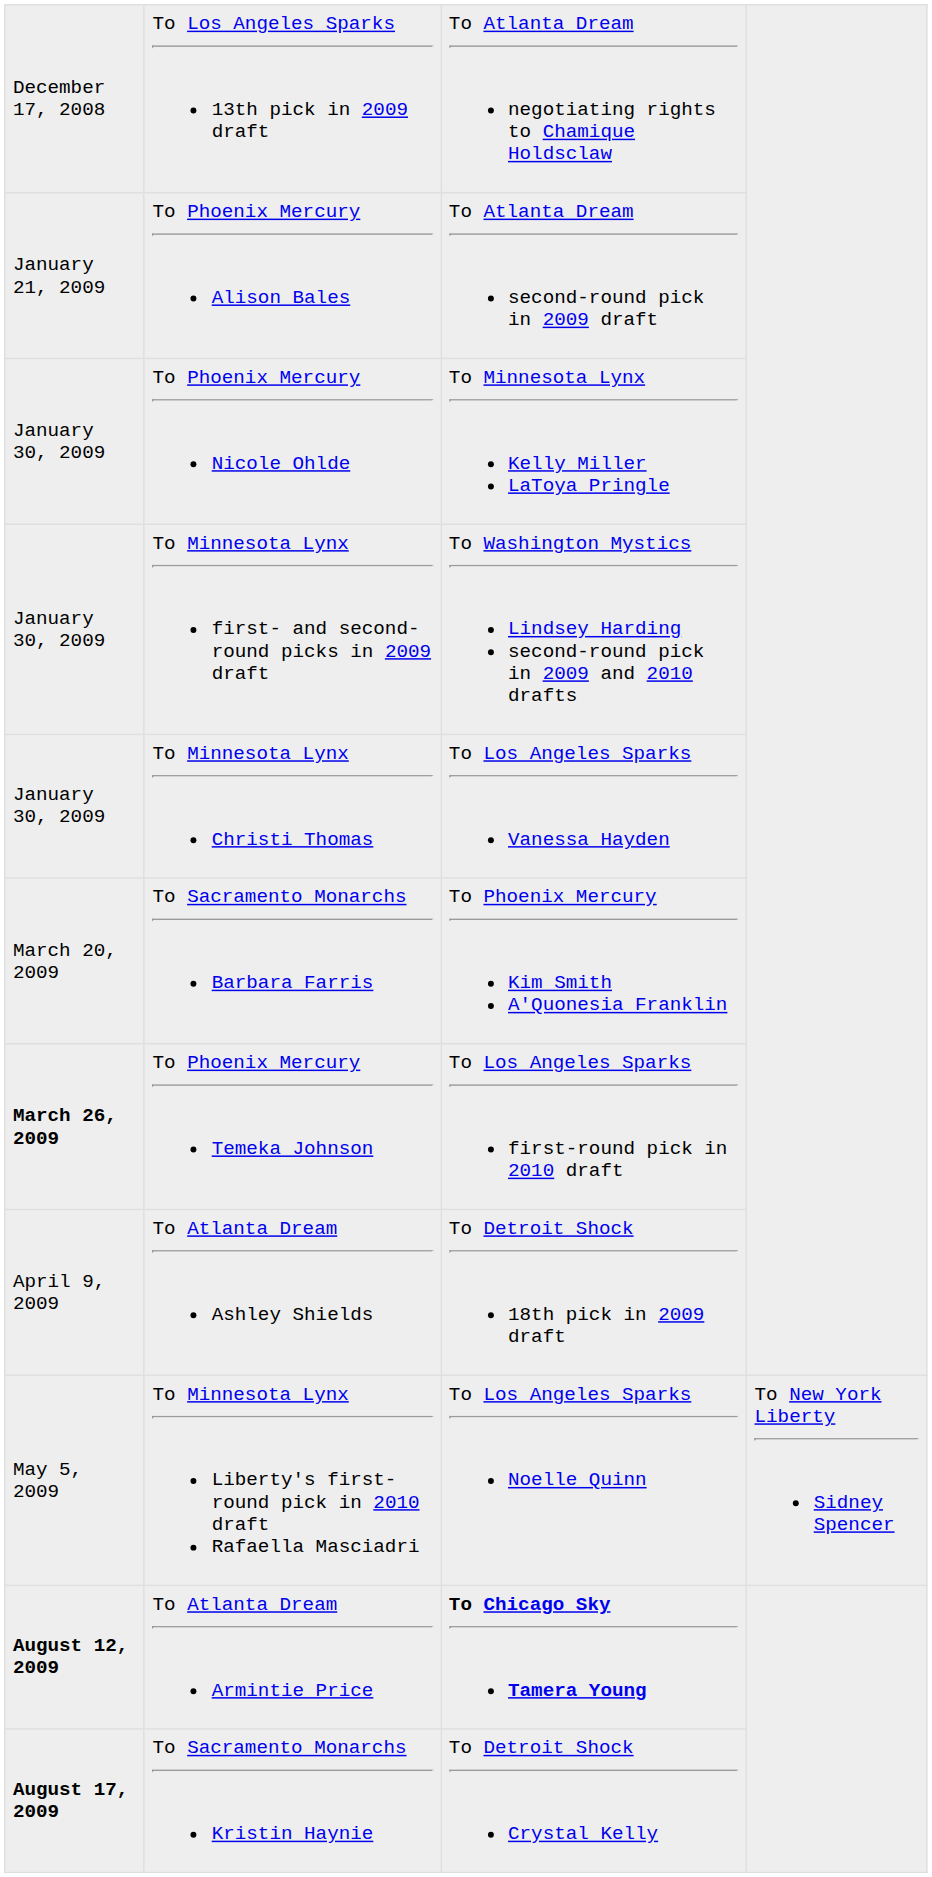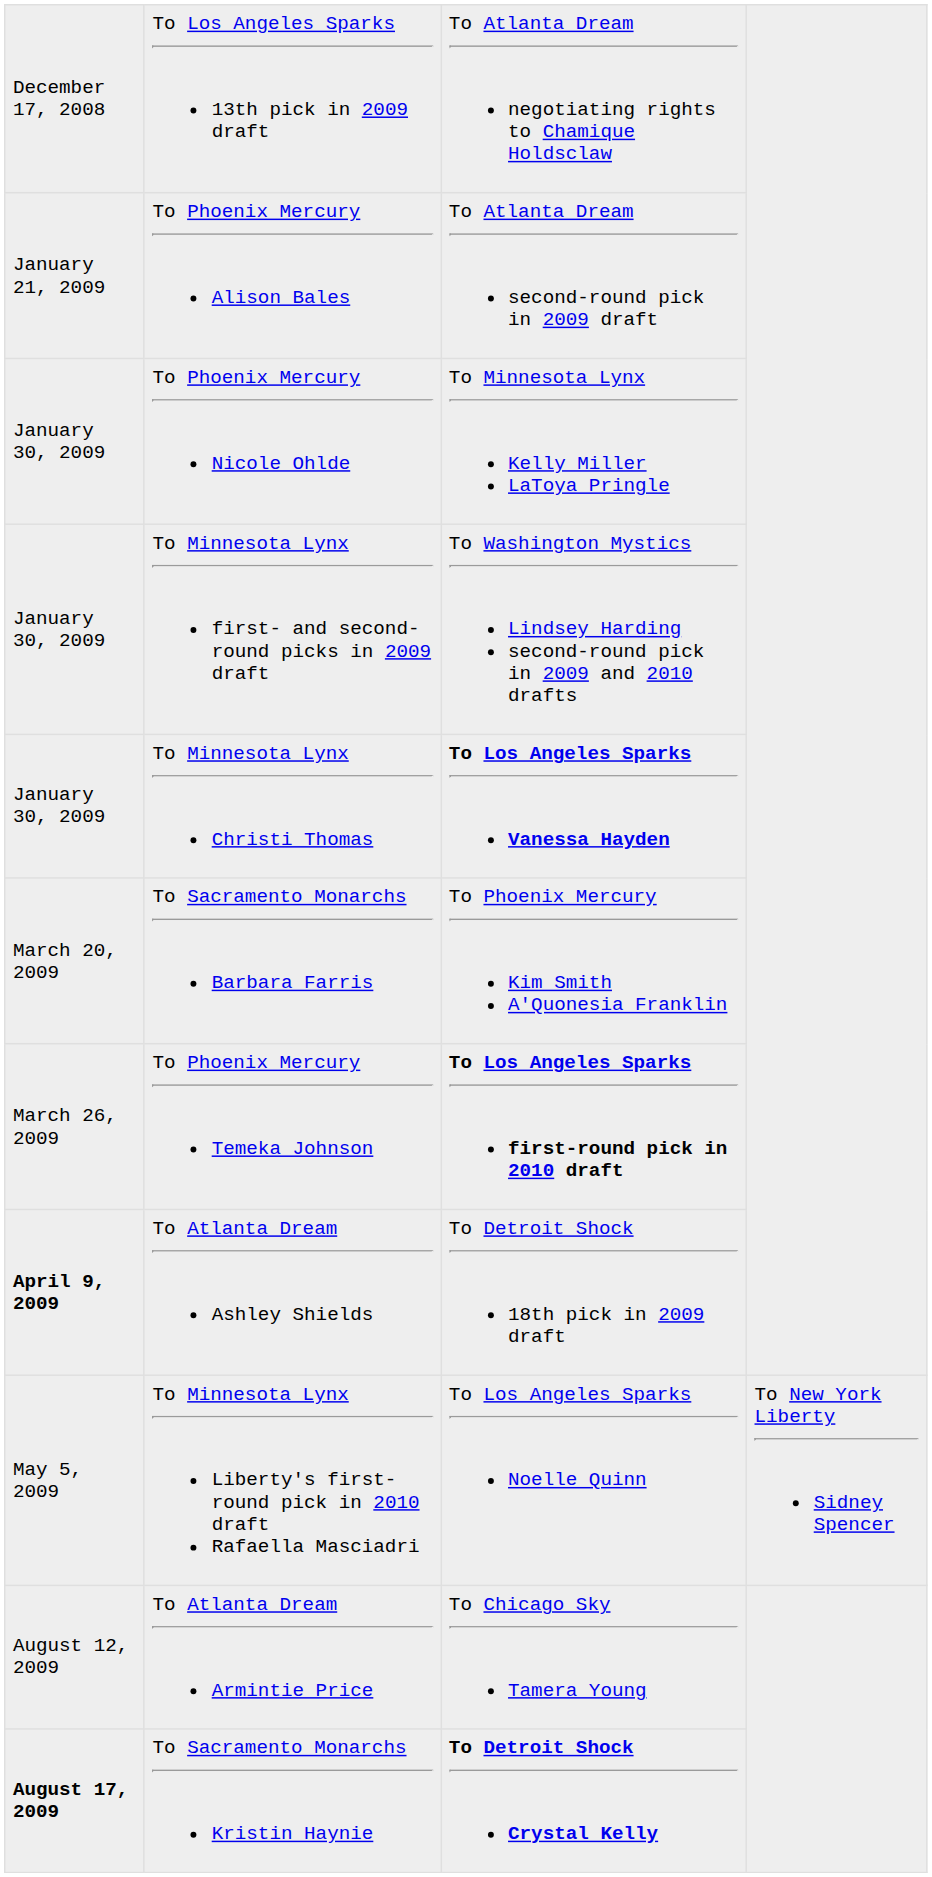 <table border=1 style="border-collapse:collapse; background-color:#eeeeee" bordercolor="#DFDFDF" cellpadding="5">
 <tr>
 <td>December 17, 2008</td>
 <td valign="top">To <a href='#'>Los Angeles Sparks</a> <hr><br><ul><li>13th pick in <a href='#'>2009</a> draft</li></ul></td>
 <td valign="top">To <a href='#'>Atlanta Dream</a> <hr><br><ul><li>negotiating rights to <a href='#'>Chamique Holdsclaw</a></li></ul></td>
 </tr>
 <tr>
 <td>January 21, 2009</td>
 <td valign="top">To <a href='#'>Phoenix Mercury</a> <hr><br><ul><li><a href='#'>Alison Bales</a></li></ul></td>
 <td valign="top">To <a href='#'>Atlanta Dream</a> <hr><br><ul><li>second-round pick in <a href='#'>2009</a> draft</li></ul></td>
 </tr>
 <tr>
 <td>January 30, 2009</td>
 <td valign="top">To <a href='#'>Phoenix Mercury</a> <hr><br><ul><li><a href='#'>Nicole Ohlde</a></li></ul></td>
 <td valign="top">To <a href='#'>Minnesota Lynx</a> <hr><br><ul><li><a href='#'>Kelly Miller</a></li><li><a href='#'>LaToya Pringle</a></li></ul></td>
 </tr>
 <tr>
 <td>January 30, 2009</td>
 <td valign="top">To <a href='#'>Minnesota Lynx</a> <hr><br><ul><li>first- and second-round picks in <a href='#'>2009</a> draft</li></ul></td>
 <td valign="top">To <a href='#'>Washington Mystics</a> <hr><br><ul><li><a href='#'>Lindsey Harding</a></li><li>second-round pick in <a href='#'>2009</a> and <a href='#'>2010</a> drafts</li></ul></td>
 </tr>
 <tr>
 <td>January 30, 2009</td>
 <td valign="top">To <a href='#'>Minnesota Lynx</a> <hr><br><ul><li><a href='#'>Christi Thomas</a></li></ul></td>
-<td valign="top">To <a href='#'>Los Angeles Sparks</a> <hr><br><ul><li><a href='#'>Vanessa Hayden</a></li></ul></td>
+<td valign="top"><strong>To <a href='#'>Los Angeles Sparks</a> <hr><br><ul><li><a href='#'>Vanessa Hayden</a></li></ul></strong></td>
 </tr>
 <tr>
 <td>March 20, 2009</td>
 <td valign="top">To <a href='#'>Sacramento Monarchs</a> <hr><br><ul><li><a href='#'>Barbara Farris</a></li></ul></td>
 <td valign="top">To <a href='#'>Phoenix Mercury</a> <hr><br><ul><li><a href='#'>Kim Smith</a></li><li><a href='#'>A'Quonesia Franklin</a></li></ul></td>
 </tr>
 <tr>
-<td><strong>March 26, 2009</strong></td>
+<td>March 26, 2009</td>
 <td valign="top">To <a href='#'>Phoenix Mercury</a> <hr><br><ul><li><a href='#'>Temeka Johnson</a></li></ul></td>
-<td valign="top">To <a href='#'>Los Angeles Sparks</a> <hr><br><ul><li>first-round pick in <a href='#'>2010</a> draft</li></ul></td>
+<td valign="top"><strong>To <a href='#'>Los Angeles Sparks</a> <hr><br><ul><li>first-round pick in <a href='#'>2010</a> draft</li></ul></strong></td>
 </tr>
 <tr>
-<td>April 9, 2009</td>
+<td><strong>April 9, 2009</strong></td>
 <td valign="top">To <a href='#'>Atlanta Dream</a> <hr><br><ul><li>Ashley Shields</li></ul></td>
 <td valign="top">To <a href='#'>Detroit Shock</a> <hr><br><ul><li>18th pick in <a href='#'>2009</a> draft</li></ul></td>
 </tr>
 <tr>
 <td>May 5, 2009</td>
 <td valign="top">To <a href='#'>Minnesota Lynx</a> <hr><br><ul><li>Liberty's first-round pick in <a href='#'>2010</a> draft</li><li>Rafaella Masciadri</li></ul></td>
 <td valign="top">To <a href='#'>Los Angeles Sparks</a> <hr><br><ul><li><a href='#'>Noelle Quinn</a></li></ul></td>
 <td valign="top">To <a href='#'>New York Liberty</a> <hr><br><ul><li><a href='#'>Sidney Spencer</a></li></ul></td>
 </tr>
 <tr>
-<td><strong>August 12, 2009</strong></td>
+<td>August 12, 2009</td>
 <td valign="top">To <a href='#'>Atlanta Dream</a> <hr><br><ul><li><a href='#'>Armintie Price</a></li></ul></td>
-<td valign="top"><strong>To <a href='#'>Chicago Sky</a> <hr><br><ul><li><a href='#'>Tamera Young</a></li></ul></strong></td>
+<td valign="top">To <a href='#'>Chicago Sky</a> <hr><br><ul><li><a href='#'>Tamera Young</a></li></ul></td>
 </tr>
 <tr>
 <td><strong>August 17, 2009</strong></td>
 <td valign="top">To <a href='#'>Sacramento Monarchs</a> <hr><br><ul><li><a href='#'>Kristin Haynie</a></li></ul></td>
-<td valign="top">To <a href='#'>Detroit Shock</a> <hr><br><ul><li><a href='#'>Crystal Kelly</a></li></ul></td>
+<td valign="top"><strong>To <a href='#'>Detroit Shock</a> <hr><br><ul><li><a href='#'>Crystal Kelly</a></li></ul></strong></td>
 </tr>
 </table>
